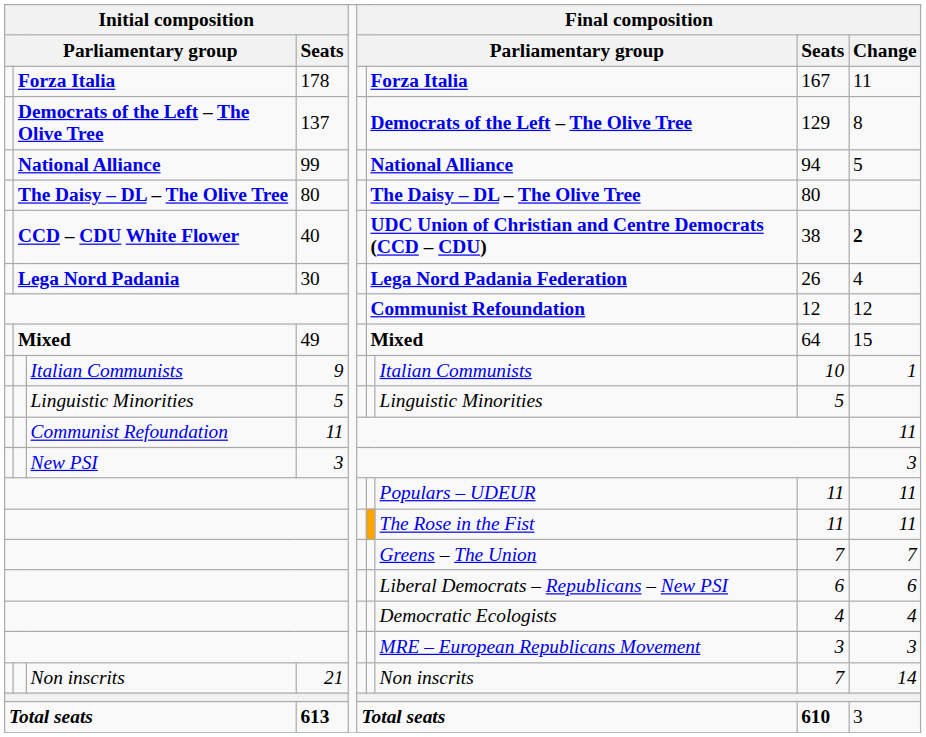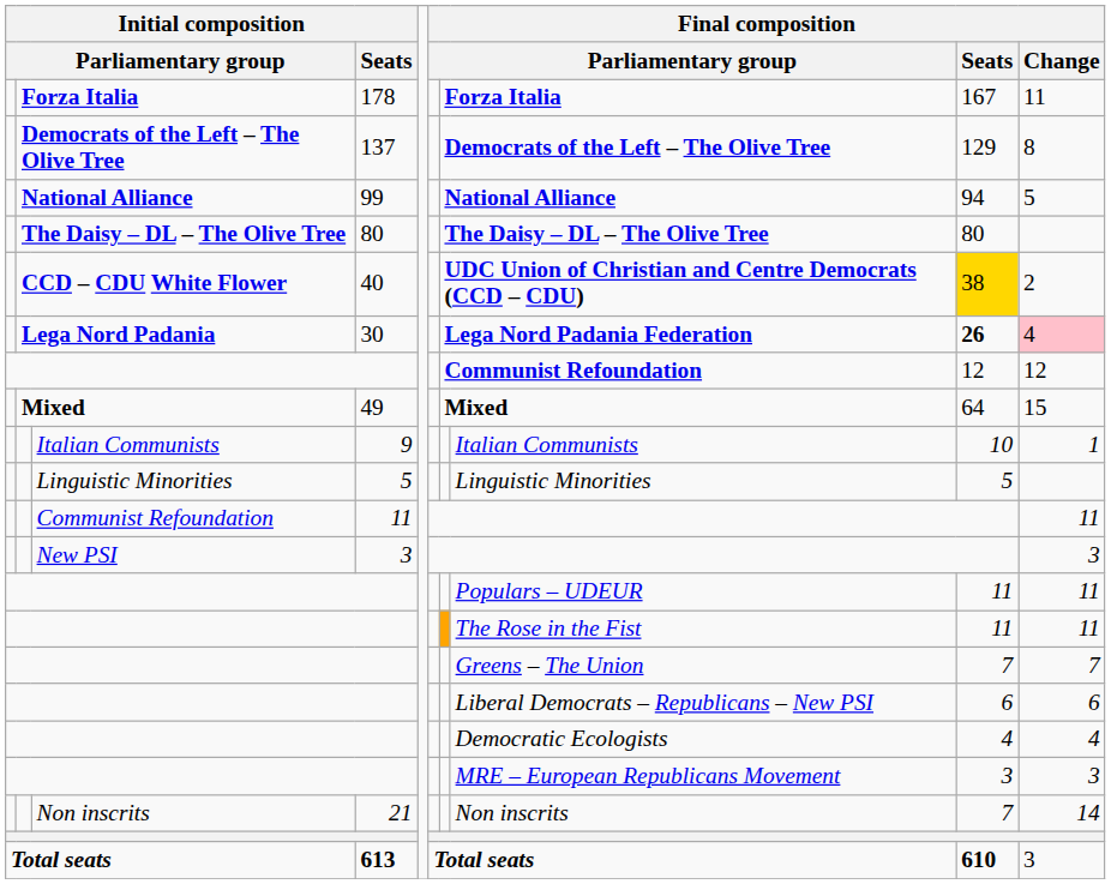 <table class="wikitable" style="width : 60%;">
 <tr>
 <th colspan="4">Initial composition</th>
 <td rowspan="30" style="width : 1%;"></td>
 <th colspan="5">Final composition</th>
 </tr>
 <tr>
 <th colspan="3">Parliamentary group</th>
 <th>Seats</th>
 <th colspan="3">Parliamentary group</th>
 <th>Seats</th>
 <th>Change</th>
 </tr>
 <tr>
 <td></td>
 <td colspan = "2"><strong><a href='#'>Forza Italia</a></strong></td>
 <td>178</td>
 <td></td>
 <td colspan = "2"><strong><a href='#'>Forza Italia</a></strong></td>
 <td>167</td>
 <td> 11</td>
 </tr>
 <tr>
 <td></td>
 <td colspan = "2"><strong><a href='#'>Democrats of the Left</a> – <a href='#'>The Olive Tree</a></strong></td>
 <td>137</td>
 <td></td>
 <td colspan = "2"><strong><a href='#'>Democrats of the Left</a> – <a href='#'>The Olive Tree</a></strong></td>
 <td>129</td>
 <td> 8</td>
 </tr>
 <tr>
 <td></td>
 <td colspan = "2"><strong><a href='#'>National Alliance</a></strong></td>
 <td>99</td>
 <td></td>
 <td colspan = "2"><strong><a href='#'>National Alliance</a></strong></td>
 <td>94</td>
 <td> 5</td>
 </tr>
 <tr>
 <td></td>
 <td colspan = "2"><strong><a href='#'>The Daisy – DL</a> – <a href='#'>The Olive Tree</a></strong></td>
 <td>80</td>
 <td></td>
 <td colspan = "2"><strong><a href='#'>The Daisy – DL</a> – <a href='#'>The Olive Tree</a></strong></td>
 <td>80</td>
 <td></td>
 </tr>
 <tr>
 <td></td>
 <td colspan = "2"><strong><a href='#'>CCD</a> – <a href='#'>CDU</a> <a href='#'>White Flower</a></strong></td>
 <td>40</td>
 <td></td>
 <td colspan = "2"><strong><a href='#'>UDC Union of Christian and Centre Democrats</a> (<a href='#'>CCD</a> – <a href='#'>CDU</a>)</strong></td>
-<td>38</td>
-<td><strong> 2</strong></td>
+<td style="background: gold;">38</td>
+<td> 2</td>
 </tr>
 <tr>
 <td></td>
 <td colspan = "2"><strong><a href='#'>Lega Nord Padania</a></strong></td>
 <td>30</td>
 <td></td>
 <td colspan = "2"><strong><a href='#'>Lega Nord Padania Federation</a></strong></td>
-<td>26</td>
-<td> 4</td>
+<td><strong>26</strong></td>
+<td style="background: pink;"> 4</td>
 </tr>
 <tr>
 <td colspan = "4"></td>
 <td></td>
 <td colspan = "2"><strong><a href='#'>Communist Refoundation</a></strong></td>
 <td>12</td>
 <td> 12</td>
 </tr>
 <tr>
 <td></td>
 <td colspan = "2"><strong>Mixed</strong></td>
 <td>49</td>
 <td></td>
 <td colspan = "2"><strong>Mixed</strong></td>
 <td>64</td>
 <td> 15</td>
 </tr>
 <tr>
 <td></td>
 <td></td>
 <td><em><a href='#'>Italian Communists</a></em></td>
 <td align="right"><em>9</em></td>
 <td></td>
 <td></td>
 <td><em><a href='#'>Italian Communists</a></em></td>
 <td align="right"><em>10</em></td>
 <td align="right"> <em>1</em></td>
 </tr>
 <tr>
 <td></td>
 <td></td>
 <td><em>Linguistic Minorities</em></td>
 <td align="right"><em>5</em></td>
 <td></td>
 <td></td>
 <td><em>Linguistic Minorities</em></td>
 <td align="right"><em>5</em></td>
 <td align="right"></td>
 </tr>
 <tr>
 <td></td>
 <td></td>
 <td><em><a href='#'>Communist Refoundation</a></em></td>
 <td align="right"><em>11</em></td>
 <td colspan="4"></td>
 <td align="right"> <em>11</em></td>
 </tr>
 <tr>
 <td></td>
 <td></td>
 <td><em><a href='#'>New PSI</a></em></td>
 <td align="right"><em>3</em></td>
 <td colspan="4"></td>
 <td align="right"> <em>3</em></td>
 </tr>
 <tr>
 <td colspan="4"></td>
 <td></td>
 <td></td>
 <td><em><a href='#'>Populars – UDEUR</a></em></td>
 <td align="right"><em>11</em></td>
 <td align="right"> <em>11</em></td>
 </tr>
 <tr>
 <td colspan="4"></td>
 <td></td>
 <td bgcolor="orange" width=1%></td>
 <td><em><a href='#'>The Rose in the Fist</a></em></td>
 <td align="right"><em>11</em></td>
 <td align="right"> <em>11</em></td>
 </tr>
 <tr>
 <td colspan="4"></td>
 <td></td>
 <td></td>
 <td><em><a href='#'>Greens</a> – <a href='#'>The Union</a></em></td>
 <td align="right"><em>7</em></td>
 <td align="right"> <em>7</em></td>
 </tr>
 <tr>
 <td colspan="4"></td>
 <td></td>
 <td></td>
 <td><em>Liberal Democrats – <a href='#'>Republicans</a> – <a href='#'>New PSI</a></em></td>
 <td align="right"><em>6</em></td>
 <td align="right"> <em>6</em></td>
 </tr>
 <tr>
 <td colspan="4"></td>
 <td></td>
 <td></td>
 <td><em>Democratic Ecologists</em></td>
 <td align="right"><em>4</em></td>
 <td align="right"> <em>4</em></td>
 </tr>
 <tr>
 <td colspan="4"></td>
 <td></td>
 <td></td>
 <td><em><a href='#'>MRE – European Republicans Movement</a></em></td>
 <td align="right"><em>3</em></td>
 <td align="right"> <em>3</em></td>
 </tr>
 <tr>
 <td></td>
 <td></td>
 <td><em>Non inscrits</em></td>
 <td align="right"><em>21</em></td>
 <td></td>
 <td></td>
 <td><em>Non inscrits</em></td>
 <td align="right"><em>7</em></td>
 <td align="right"> <em>14</em></td>
 </tr>
 <tr>
 <th colspan="4"></th>
 <th colspan="5"></th>
 </tr>
 <tr>
 <td colspan="3"><strong><em>Total seats</em></strong></td>
 <td><strong>613</strong></td>
 <td colspan="3"><strong><em>Total seats</em></strong></td>
 <td><strong>610</strong></td>
 <td> 3</td>
 </tr>
 <tr>
 </tr>
 </table>
